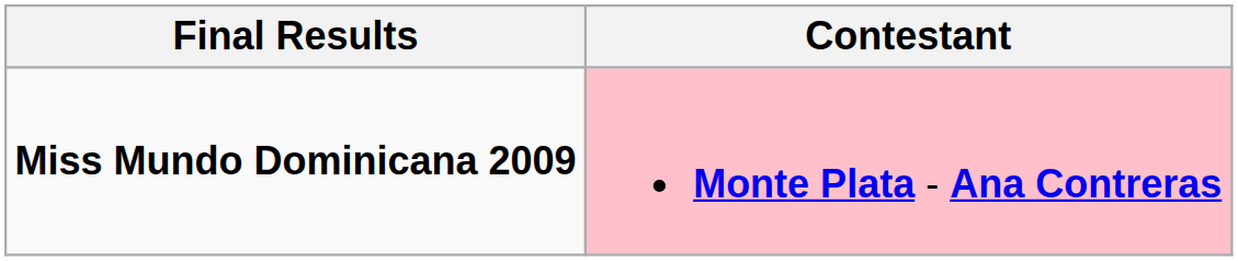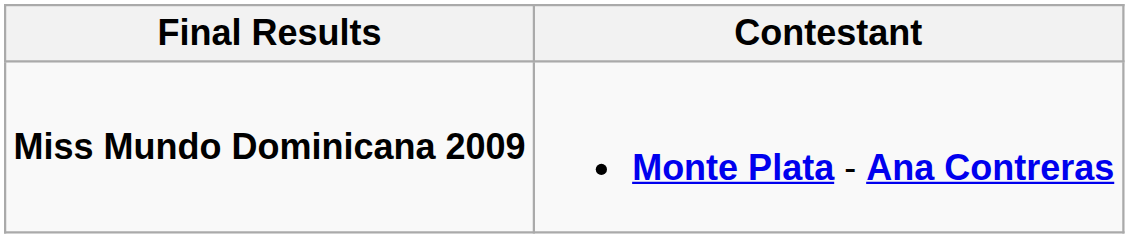 <table class="wikitable">
 <tr>
 <th>Final Results</th>
 <th>Contestant</th>
 </tr>
 <tr>
 <td><strong>Miss Mundo Dominicana 2009</strong></td>
-<td style="background: pink;"><br><ul><li><strong><a href='#'>Monte Plata</a></strong> - <strong><a href='#'>Ana Contreras</a></strong></li></ul></td>
+<td><br><ul><li><strong><a href='#'>Monte Plata</a></strong> - <strong><a href='#'>Ana Contreras</a></strong></li></ul></td>
 </tr>
 </table>
